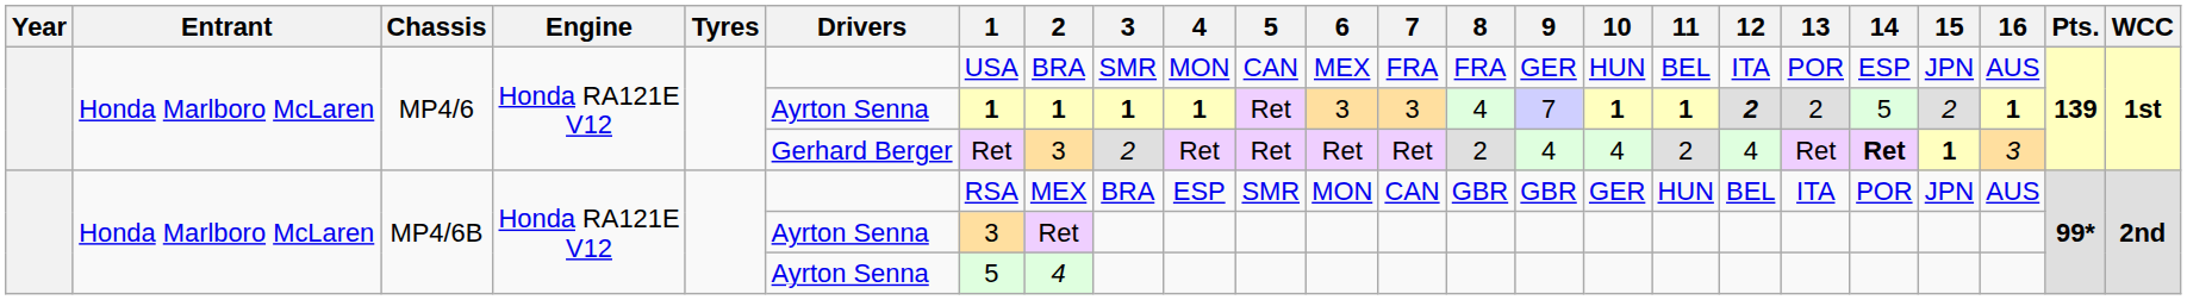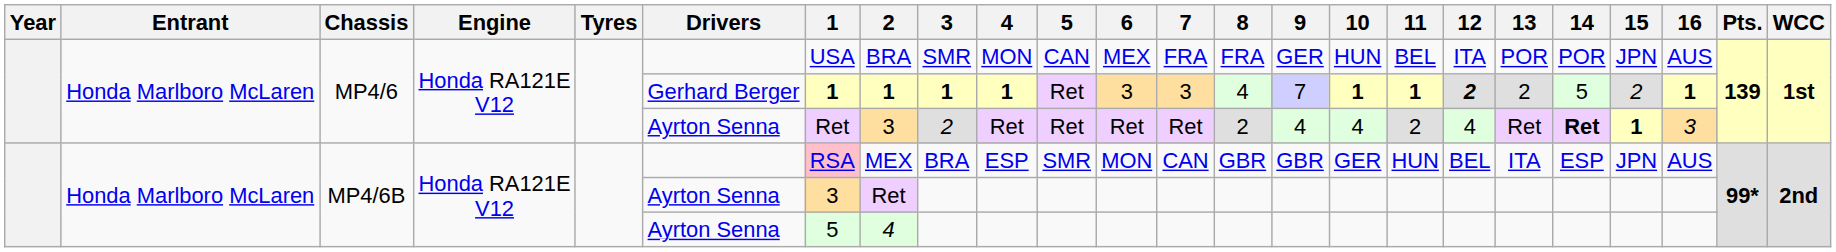 <table class="wikitable" style="text-align:center; font-size:95%;">
 <tr>
 <th>Year</th>
 <th>Entrant</th>
 <th>Chassis</th>
 <th>Engine</th>
 <th>Tyres</th>
 <th>Drivers</th>
 <th>1</th>
 <th>2</th>
 <th>3</th>
 <th>4</th>
 <th>5</th>
 <th>6</th>
 <th>7</th>
 <th>8</th>
 <th>9</th>
 <th>10</th>
 <th>11</th>
 <th>12</th>
 <th>13</th>
 <th>14</th>
 <th>15</th>
 <th>16</th>
 <th>Pts.</th>
 <th>WCC</th>
 </tr>
 <tr>
 <th rowspan="3"></th>
 <td rowspan="3"><a href='#'>Honda</a> <a href='#'>Marlboro</a> <a href='#'>McLaren</a></td>
 <td rowspan="3">MP4/6</td>
 <td rowspan="3"><a href='#'>Honda</a> RA121E<br><a href='#'>V12</a></td>
 <td rowspan="3"></td>
 <td></td>
 <td><a href='#'>USA</a></td>
 <td><a href='#'>BRA</a></td>
 <td><a href='#'>SMR</a></td>
 <td><a href='#'>MON</a></td>
 <td><a href='#'>CAN</a></td>
 <td><a href='#'>MEX</a></td>
 <td><a href='#'>FRA</a></td>
 <td><a href='#'>FRA</a></td>
 <td><a href='#'>GER</a></td>
 <td><a href='#'>HUN</a></td>
 <td><a href='#'>BEL</a></td>
 <td><a href='#'>ITA</a></td>
 <td><a href='#'>POR</a></td>
-<td><a href='#'>ESP</a></td>
+<td><a href='#'>POR</a></td>
 <td><a href='#'>JPN</a></td>
 <td><a href='#'>AUS</a></td>
 <td rowspan="3" style="background:#ffffbf;"><strong>139</strong></td>
 <td rowspan="3" style="background:#ffffbf;"><strong>1st</strong></td>
 </tr>
 <tr>
-<td align="left"><a href='#'>Ayrton Senna</a></td>
+<td align="left"><a href='#'>Gerhard Berger</a></td>
 <td style="background:#ffffbf;"><strong>1</strong></td>
 <td style="background:#ffffbf;"><strong>1</strong></td>
 <td style="background:#ffffbf;"><strong>1</strong></td>
 <td style="background:#ffffbf;"><strong>1</strong></td>
 <td style="background:#efcfff;">Ret</td>
 <td style="background:#ffdf9f;">3</td>
 <td style="background:#ffdf9f;">3</td>
 <td style="background:#dfffdf;">4</td>
 <td style="background:#cfcfff;">7</td>
 <td style="background:#ffffbf;"><strong>1</strong></td>
 <td style="background:#ffffbf;"><strong>1</strong></td>
 <td style="background:#dfdfdf;"><strong><em>2</em></strong></td>
 <td style="background:#dfdfdf;">2</td>
 <td style="background:#dfffdf;">5</td>
 <td style="background:#dfdfdf;"><em>2</em></td>
 <td style="background:#ffffbf;"><strong>1</strong></td>
 </tr>
 <tr>
-<td align="left"><a href='#'>Gerhard Berger</a></td>
+<td align="left"><a href='#'>Ayrton Senna</a></td>
 <td style="background:#efcfff;">Ret</td>
 <td style="background:#ffdf9f;">3</td>
 <td style="background:#dfdfdf;"><em>2</em></td>
 <td style="background:#efcfff;">Ret</td>
 <td style="background:#efcfff;">Ret</td>
 <td style="background:#efcfff;">Ret</td>
 <td style="background:#efcfff;">Ret</td>
 <td style="background:#dfdfdf;">2</td>
 <td style="background:#dfffdf;">4</td>
 <td style="background:#dfffdf;">4</td>
 <td style="background:#dfdfdf;">2</td>
 <td style="background:#dfffdf;">4</td>
 <td style="background:#efcfff;">Ret</td>
 <td style="background:#efcfff;"><strong>Ret</strong></td>
 <td style="background:#ffffbf;"><strong>1</strong></td>
 <td style="background:#ffdf9f;"><em>3</em></td>
 </tr>
 <tr>
 <th rowspan="3"></th>
 <td rowspan="3"><a href='#'>Honda</a> <a href='#'>Marlboro</a> <a href='#'>McLaren</a></td>
 <td rowspan="3">MP4/6B</td>
 <td rowspan="3"><a href='#'>Honda</a> RA121E<br><a href='#'>V12</a></td>
 <td rowspan="3"></td>
 <td></td>
-<td><a href='#'>RSA</a></td>
+<td style="background: pink;"><a href='#'>RSA</a></td>
 <td><a href='#'>MEX</a></td>
 <td><a href='#'>BRA</a></td>
 <td><a href='#'>ESP</a></td>
 <td><a href='#'>SMR</a></td>
 <td><a href='#'>MON</a></td>
 <td><a href='#'>CAN</a></td>
 <td><a href='#'>GBR</a></td>
 <td><a href='#'>GBR</a></td>
 <td><a href='#'>GER</a></td>
 <td><a href='#'>HUN</a></td>
 <td><a href='#'>BEL</a></td>
 <td><a href='#'>ITA</a></td>
-<td><a href='#'>POR</a></td>
+<td><a href='#'>ESP</a></td>
 <td><a href='#'>JPN</a></td>
 <td><a href='#'>AUS</a></td>
 <td rowspan="3" style="background:#dfdfdf;"><strong>99*</strong></td>
 <td rowspan="3" style="background:#dfdfdf;"><strong>2nd</strong></td>
 </tr>
 <tr>
 <td align="left"><a href='#'>Ayrton Senna</a></td>
 <td style="background:#ffdf9f;">3</td>
 <td style="background:#efcfff;">Ret</td>
 <td></td>
 <td></td>
 <td></td>
 <td></td>
 <td></td>
 <td></td>
 <td></td>
 <td></td>
 <td></td>
 <td></td>
 <td></td>
 <td></td>
 <td></td>
 <td></td>
 </tr>
 <tr>
 <td align="left"><a href='#'>Ayrton Senna</a></td>
 <td style="background:#dfffdf;">5</td>
 <td style="background:#dfffdf;"><em>4</em></td>
 <td></td>
 <td></td>
 <td></td>
 <td></td>
 <td></td>
 <td></td>
 <td></td>
 <td></td>
 <td></td>
 <td></td>
 <td></td>
 <td></td>
 <td></td>
 <td></td>
 </tr>
 </table>
